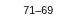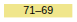 <table style="text-align:center">
 <tr>
 <th width=200></th>
 <th width=100></th>
 <th width=200></th>
 </tr>
 <tr>
 <td align=right></td>
-<td>71–69</td>
+<td style="background: khaki;">71–69</td>
 <td align=left></td>
 </tr>
 </table>
